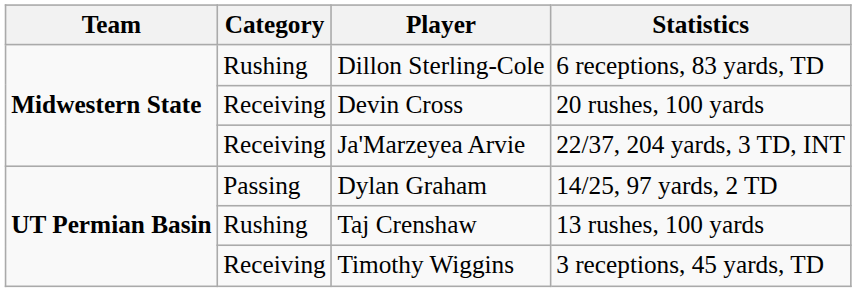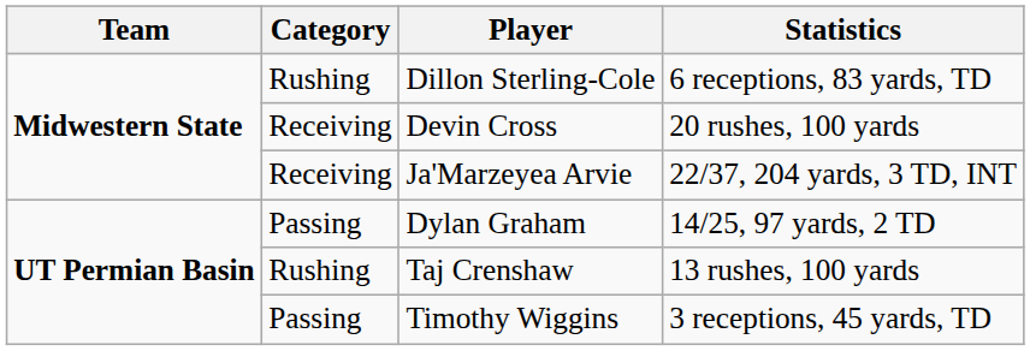 <table class="wikitable" style="float: right;">
 <tr>
 <th>Team</th>
 <th>Category</th>
 <th>Player</th>
 <th>Statistics</th>
 </tr>
 <tr>
 <td rowspan=3><strong>Midwestern State</strong></td>
 <td>Rushing</td>
 <td>Dillon Sterling-Cole</td>
 <td>6 receptions, 83 yards, TD</td>
 </tr>
 <tr>
 <td>Receiving</td>
 <td>Devin Cross</td>
 <td>20 rushes, 100 yards</td>
 </tr>
 <tr>
 <td>Receiving</td>
 <td>Ja'Marzeyea Arvie</td>
 <td>22/37, 204 yards, 3 TD, INT</td>
 </tr>
 <tr>
 <td rowspan=3><strong>UT Permian Basin</strong></td>
 <td>Passing</td>
 <td>Dylan Graham</td>
 <td>14/25, 97 yards, 2 TD</td>
 </tr>
 <tr>
 <td>Rushing</td>
 <td>Taj Crenshaw</td>
 <td>13 rushes, 100 yards</td>
 </tr>
 <tr>
-<td>Receiving</td>
+<td>Passing</td>
 <td>Timothy Wiggins</td>
 <td>3 receptions, 45 yards, TD</td>
 </tr>
 </table>
